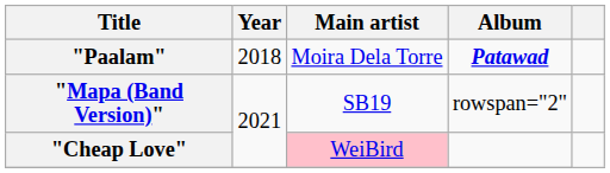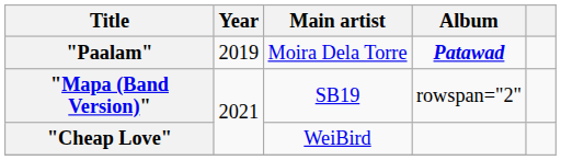 <table class="wikitable plainrowheaders" style="text-align:center;">
 <tr>
 <th scope="col" rowspan="1" style="width:10em;">Title</th>
 <th scope="col" rowspan="1">Year</th>
 <th scope="col" rowspan="1">Main artist</th>
 <th scope="col" rowspan="1">Album</th>
 <th scope="col" class="unsortable" style="width:1em;"></th>
 </tr>
 <tr>
 <th scope="row">"Paalam"</th>
-<td>2018</td>
+<td>2019</td>
 <td><a href='#'>Moira Dela Torre</a></td>
 <td><strong><em><a href='#'>Patawad</a></em></strong></td>
 <td></td>
 </tr>
 <tr>
 <th scope="row">"<a href='#'>Mapa (Band Version)</a>"</th>
 <td rowspan="2">2021</td>
 <td><a href='#'>SB19</a></td>
 <td>rowspan="2" </td>
 <td></td>
 </tr>
 <tr>
 <th scope="row">"Cheap Love"</th>
-<td style="background: pink;"><a href='#'>WeiBird</a></td>
+<td><a href='#'>WeiBird</a></td>
 <td></td>
 </tr>
 <tr>
 </tr>
 </table>
